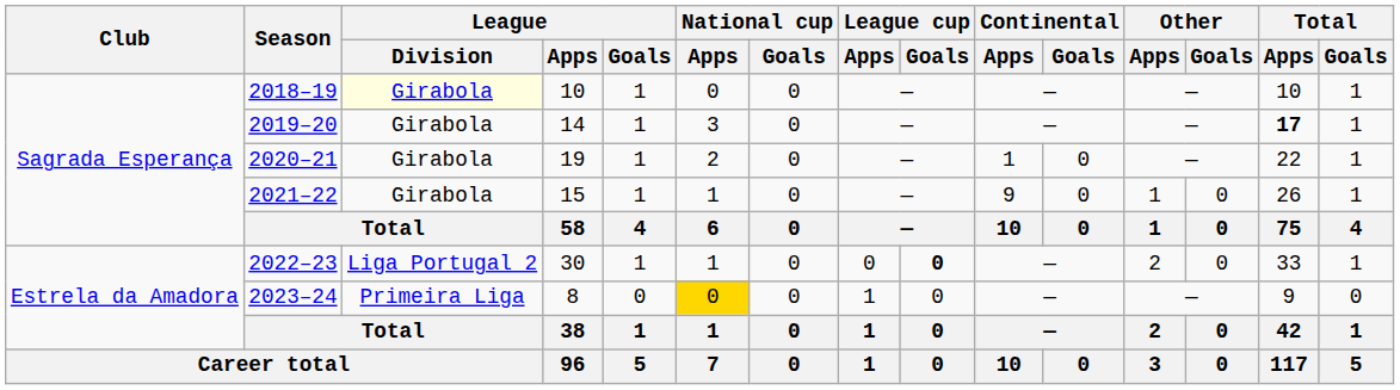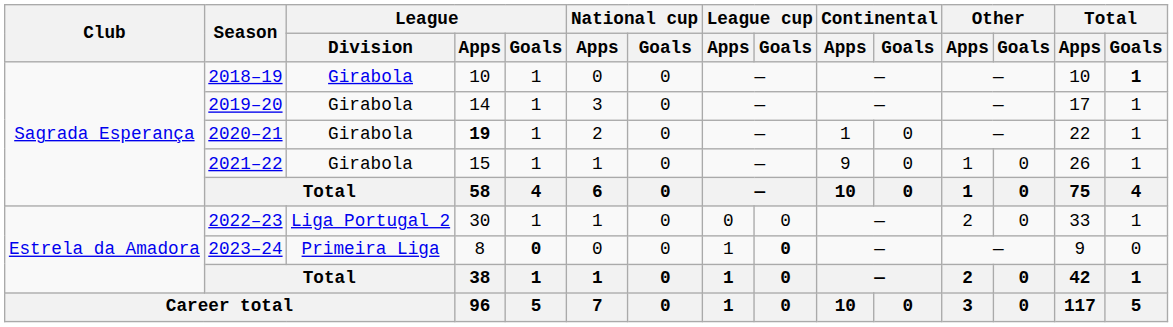 <table class="wikitable" style="text-align: center">
 <tr>
 <th rowspan="2">Club</th>
 <th rowspan="2">Season</th>
 <th colspan="3">League</th>
 <th colspan="2">National cup</th>
 <th colspan="2">League cup</th>
 <th colspan="2">Continental</th>
 <th colspan="2">Other</th>
 <th colspan="2">Total</th>
 </tr>
 <tr>
 <th>Division</th>
 <th>Apps</th>
 <th>Goals</th>
 <th>Apps</th>
 <th>Goals</th>
 <th>Apps</th>
 <th>Goals</th>
 <th>Apps</th>
 <th>Goals</th>
 <th>Apps</th>
 <th>Goals</th>
 <th>Apps</th>
 <th>Goals</th>
 </tr>
 <tr>
 <td rowspan="5"><a href='#'>Sagrada Esperança</a></td>
 <td><a href='#'>2018–19</a></td>
-<td style="background: lightyellow;"><a href='#'>Girabola</a></td>
+<td><a href='#'>Girabola</a></td>
 <td>10</td>
 <td>1</td>
 <td>0</td>
 <td>0</td>
 <td colspan="2">—</td>
 <td colspan="2">—</td>
 <td colspan="2">—</td>
 <td>10</td>
-<td>1</td>
+<td><strong>1</strong></td>
 </tr>
 <tr>
 <td><a href='#'>2019–20</a></td>
 <td>Girabola</td>
 <td>14</td>
 <td>1</td>
 <td>3</td>
 <td>0</td>
 <td colspan="2">—</td>
 <td colspan="2">—</td>
 <td colspan="2">—</td>
-<td><strong>17</strong></td>
+<td>17</td>
 <td>1</td>
 </tr>
 <tr>
 <td><a href='#'>2020–21</a></td>
 <td>Girabola</td>
-<td>19</td>
+<td><strong>19</strong></td>
 <td>1</td>
 <td>2</td>
 <td>0</td>
 <td colspan="2">—</td>
 <td>1</td>
 <td>0</td>
 <td colspan="2">—</td>
 <td>22</td>
 <td>1</td>
 </tr>
 <tr>
 <td><a href='#'>2021–22</a></td>
 <td>Girabola</td>
 <td>15</td>
 <td>1</td>
 <td>1</td>
 <td>0</td>
 <td colspan="2">—</td>
 <td>9</td>
 <td>0</td>
 <td>1</td>
 <td>0</td>
 <td>26</td>
 <td>1</td>
 </tr>
 <tr>
 <th colspan="2">Total</th>
 <th>58</th>
 <th>4</th>
 <th>6</th>
 <th>0</th>
 <th colspan="2">—</th>
 <th>10</th>
 <th>0</th>
 <th>1</th>
 <th>0</th>
 <th>75</th>
 <th>4</th>
 </tr>
 <tr>
 <td rowspan="3"><a href='#'>Estrela da Amadora</a></td>
 <td><a href='#'>2022–23</a></td>
 <td><a href='#'>Liga Portugal 2</a></td>
 <td>30</td>
 <td>1</td>
 <td>1</td>
 <td>0</td>
 <td>0</td>
-<td><strong>0</strong></td>
+<td>0</td>
 <td colspan="2">—</td>
 <td>2</td>
 <td>0</td>
 <td>33</td>
 <td>1</td>
 </tr>
 <tr>
 <td><a href='#'>2023–24</a></td>
 <td><a href='#'>Primeira Liga</a></td>
 <td>8</td>
+<td><strong>0</strong></td>
 <td>0</td>
-<td style="background: gold;">0</td>
 <td>0</td>
 <td>1</td>
-<td>0</td>
+<td><strong>0</strong></td>
 <td colspan="2">—</td>
 <td colspan="2">—</td>
 <td>9</td>
 <td>0</td>
 </tr>
 <tr>
 <th colspan="2">Total</th>
 <th>38</th>
 <th>1</th>
 <th>1</th>
 <th>0</th>
 <th>1</th>
 <th>0</th>
 <th colspan="2">—</th>
 <th>2</th>
 <th>0</th>
 <th>42</th>
 <th>1</th>
 </tr>
 <tr>
 <th colspan="3">Career total</th>
 <th>96</th>
 <th>5</th>
 <th>7</th>
 <th>0</th>
 <th>1</th>
 <th>0</th>
 <th>10</th>
 <th>0</th>
 <th>3</th>
 <th>0</th>
 <th>117</th>
 <th>5</th>
 </tr>
 </table>
